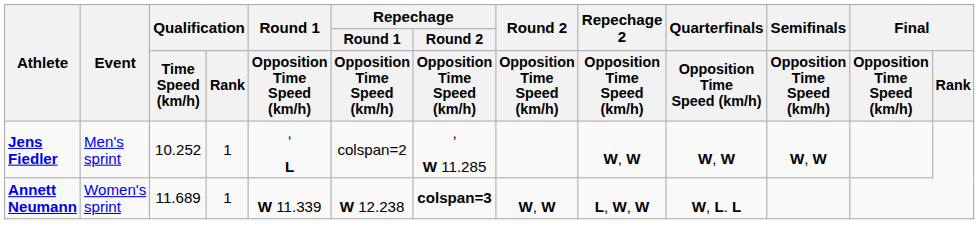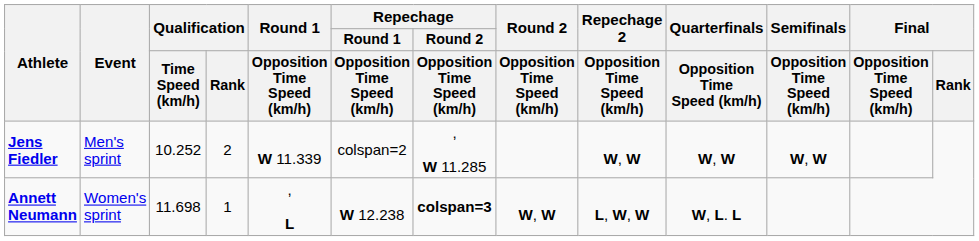 <table class="wikitable" style="font-size:90%">
 <tr>
 <th rowspan=3>Athlete</th>
 <th rowspan=3>Event</th>
 <th rowspan=2 colspan=2>Qualification</th>
 <th rowspan=2>Round 1</th>
 <th colspan=2>Repechage</th>
 <th rowspan=2>Round 2</th>
 <th rowspan=2>Repechage 2</th>
 <th rowspan=2>Quarterfinals</th>
 <th rowspan=2>Semifinals</th>
 <th rowspan=2 colspan=2>Final</th>
 </tr>
 <tr style="font-size:95%">
 <th>Round 1</th>
 <th>Round 2</th>
 </tr>
 <tr style="font-size:95%">
 <th>Time<br>Speed (km/h)</th>
 <th>Rank</th>
 <th>Opposition<br>Time<br>Speed (km/h)</th>
 <th>Opposition<br>Time<br>Speed (km/h)</th>
 <th>Opposition<br>Time<br>Speed (km/h)</th>
 <th>Opposition<br>Time<br>Speed (km/h)</th>
 <th>Opposition<br>Time<br>Speed (km/h)</th>
 <th>Opposition<br>Time<br>Speed (km/h)</th>
 <th>Opposition<br>Time<br>Speed (km/h)</th>
 <th>Opposition<br>Time<br>Speed (km/h)</th>
 <th>Rank</th>
 </tr>
 <tr align=center>
 <td align=left><strong><a href='#'>Jens Fiedler</a></strong></td>
 <td align=left><a href='#'>Men's sprint</a></td>
 <td>10.252</td>
-<td>1</td>
-<td>,<br><br><strong>L</strong></td>
+<td>2</td>
+<td><br><strong>W</strong> 11.339</td>
 <td>colspan=2</td>
 <td>,<br><br><strong>W</strong> 11.285</td>
 <td></td>
 <td><br><strong>W</strong>, <strong>W</strong></td>
 <td><br><strong>W</strong>, <strong>W</strong></td>
 <td><br><strong>W</strong>, <strong>W</strong></td>
 <td></td>
 </tr>
 <tr align=center>
 <td align=left><strong><a href='#'>Annett Neumann</a></strong></td>
 <td align=left><a href='#'>Women's sprint</a></td>
-<td>11.689</td>
+<td>11.698</td>
 <td>1</td>
-<td><br><strong>W</strong> 11.339</td>
+<td>,<br><br><strong>L</strong></td>
 <td><br><strong>W</strong> 12.238</td>
 <td><strong>colspan=3</strong></td>
 <td><br><strong>W</strong>, <strong>W</strong></td>
 <td><br><strong>L</strong>, <strong>W</strong>, <strong>W</strong></td>
 <td><br><strong>W</strong>, <strong>L</strong>. <strong>L</strong></td>
 <td></td>
 </tr>
 </table>
